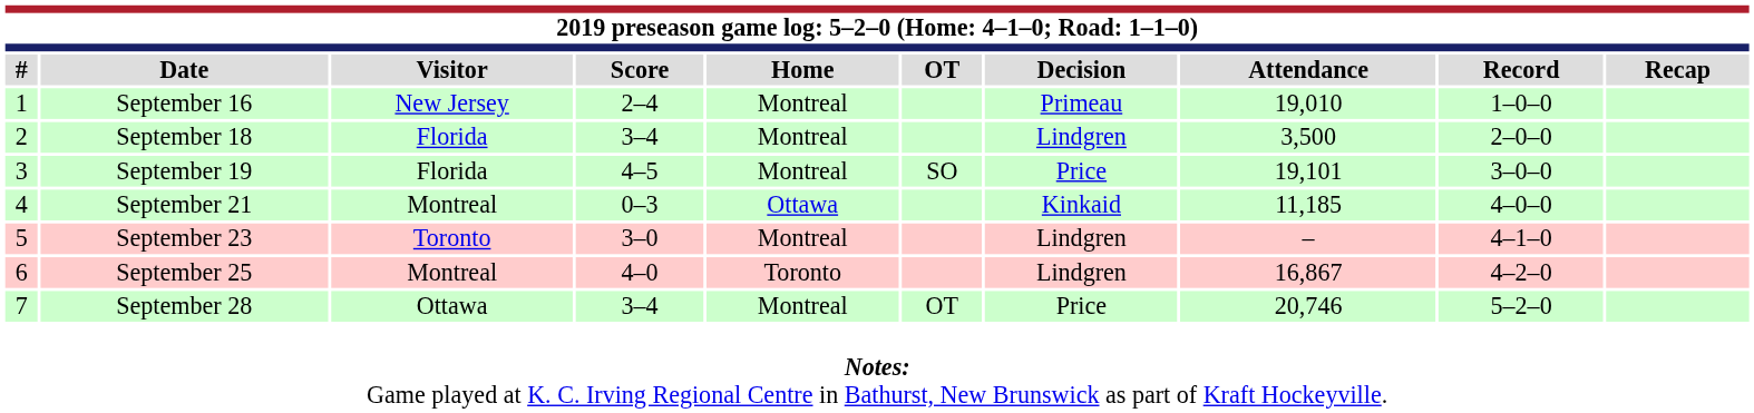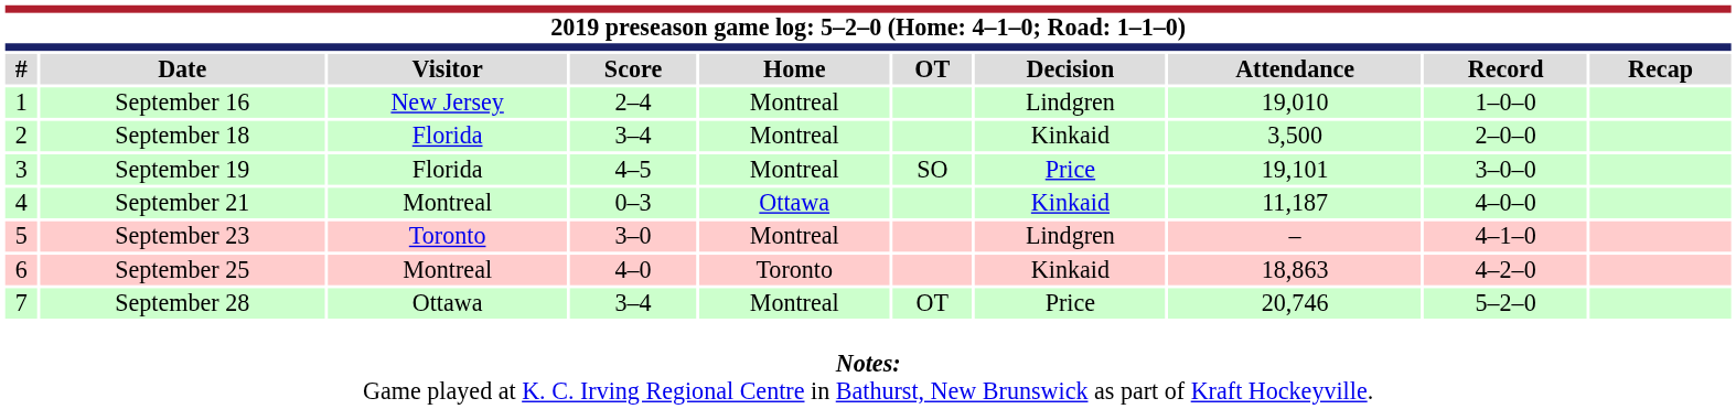 <table class="toccolours collapsible collapsed" style="width:90%; clear:both; margin:1.5em auto; text-align:center;">
 <tr>
 <th colspan="10" style="background:#FFFFFF; border-top:#AF1E2D 5px solid; border-bottom:#192168 5px solid;">2019 preseason game log: 5–2–0 (Home: 4–1–0; Road: 1–1–0)</th>
 </tr>
 <tr style="background:#ddd;">
 <th>#</th>
 <th>Date</th>
 <th>Visitor</th>
 <th>Score</th>
 <th>Home</th>
 <th>OT</th>
 <th>Decision</th>
 <th>Attendance</th>
 <th>Record</th>
 <th>Recap</th>
 </tr>
 <tr style="background:#cfc;">
 <td>1</td>
 <td>September 16</td>
 <td><a href='#'>New Jersey</a></td>
 <td>2–4</td>
 <td>Montreal</td>
 <td></td>
-<td><a href='#'>Primeau</a></td>
+<td>Lindgren</td>
 <td>19,010</td>
 <td>1–0–0</td>
 <td></td>
 </tr>
 <tr style="background:#cfc;">
 <td>2</td>
 <td>September 18</td>
 <td><a href='#'>Florida</a></td>
 <td>3–4</td>
 <td>Montreal</td>
 <td></td>
-<td><a href='#'>Lindgren</a></td>
+<td>Kinkaid</td>
 <td>3,500</td>
 <td>2–0–0</td>
 <td></td>
 </tr>
 <tr style="background:#cfc;">
 <td>3</td>
 <td>September 19</td>
 <td>Florida</td>
 <td>4–5</td>
 <td>Montreal</td>
 <td>SO</td>
 <td><a href='#'>Price</a></td>
 <td>19,101</td>
 <td>3–0–0</td>
 <td></td>
 </tr>
 <tr style="background:#cfc;">
 <td>4</td>
 <td>September 21</td>
 <td>Montreal</td>
 <td>0–3</td>
 <td><a href='#'>Ottawa</a></td>
 <td></td>
 <td><a href='#'>Kinkaid</a></td>
-<td>11,185</td>
+<td>11,187</td>
 <td>4–0–0</td>
 <td></td>
 </tr>
 <tr style="background:#fcc;">
 <td>5</td>
 <td>September 23</td>
 <td><a href='#'>Toronto</a></td>
 <td>3–0</td>
 <td>Montreal</td>
 <td></td>
 <td>Lindgren</td>
 <td>–</td>
 <td>4–1–0</td>
 <td></td>
 </tr>
 <tr style="background:#fcc;">
 <td>6</td>
 <td>September 25</td>
 <td>Montreal</td>
 <td>4–0</td>
 <td>Toronto</td>
 <td></td>
-<td>Lindgren</td>
-<td>16,867</td>
+<td>Kinkaid</td>
+<td>18,863</td>
 <td>4–2–0</td>
 <td></td>
 </tr>
 <tr style="background:#cfc;">
 <td>7</td>
 <td>September 28</td>
 <td>Ottawa</td>
 <td>3–4</td>
 <td>Montreal</td>
 <td>OT</td>
 <td>Price</td>
 <td>20,746</td>
 <td>5–2–0</td>
 <td></td>
 </tr>
 <tr>
 <td colspan="10" style="text-align:center;"><br><strong><em>Notes:</em></strong><br>  Game played at <a href='#'>K. C. Irving Regional Centre</a> in <a href='#'>Bathurst, New Brunswick</a> as part of <a href='#'>Kraft Hockeyville</a>.</td>
 </tr>
 </table>
